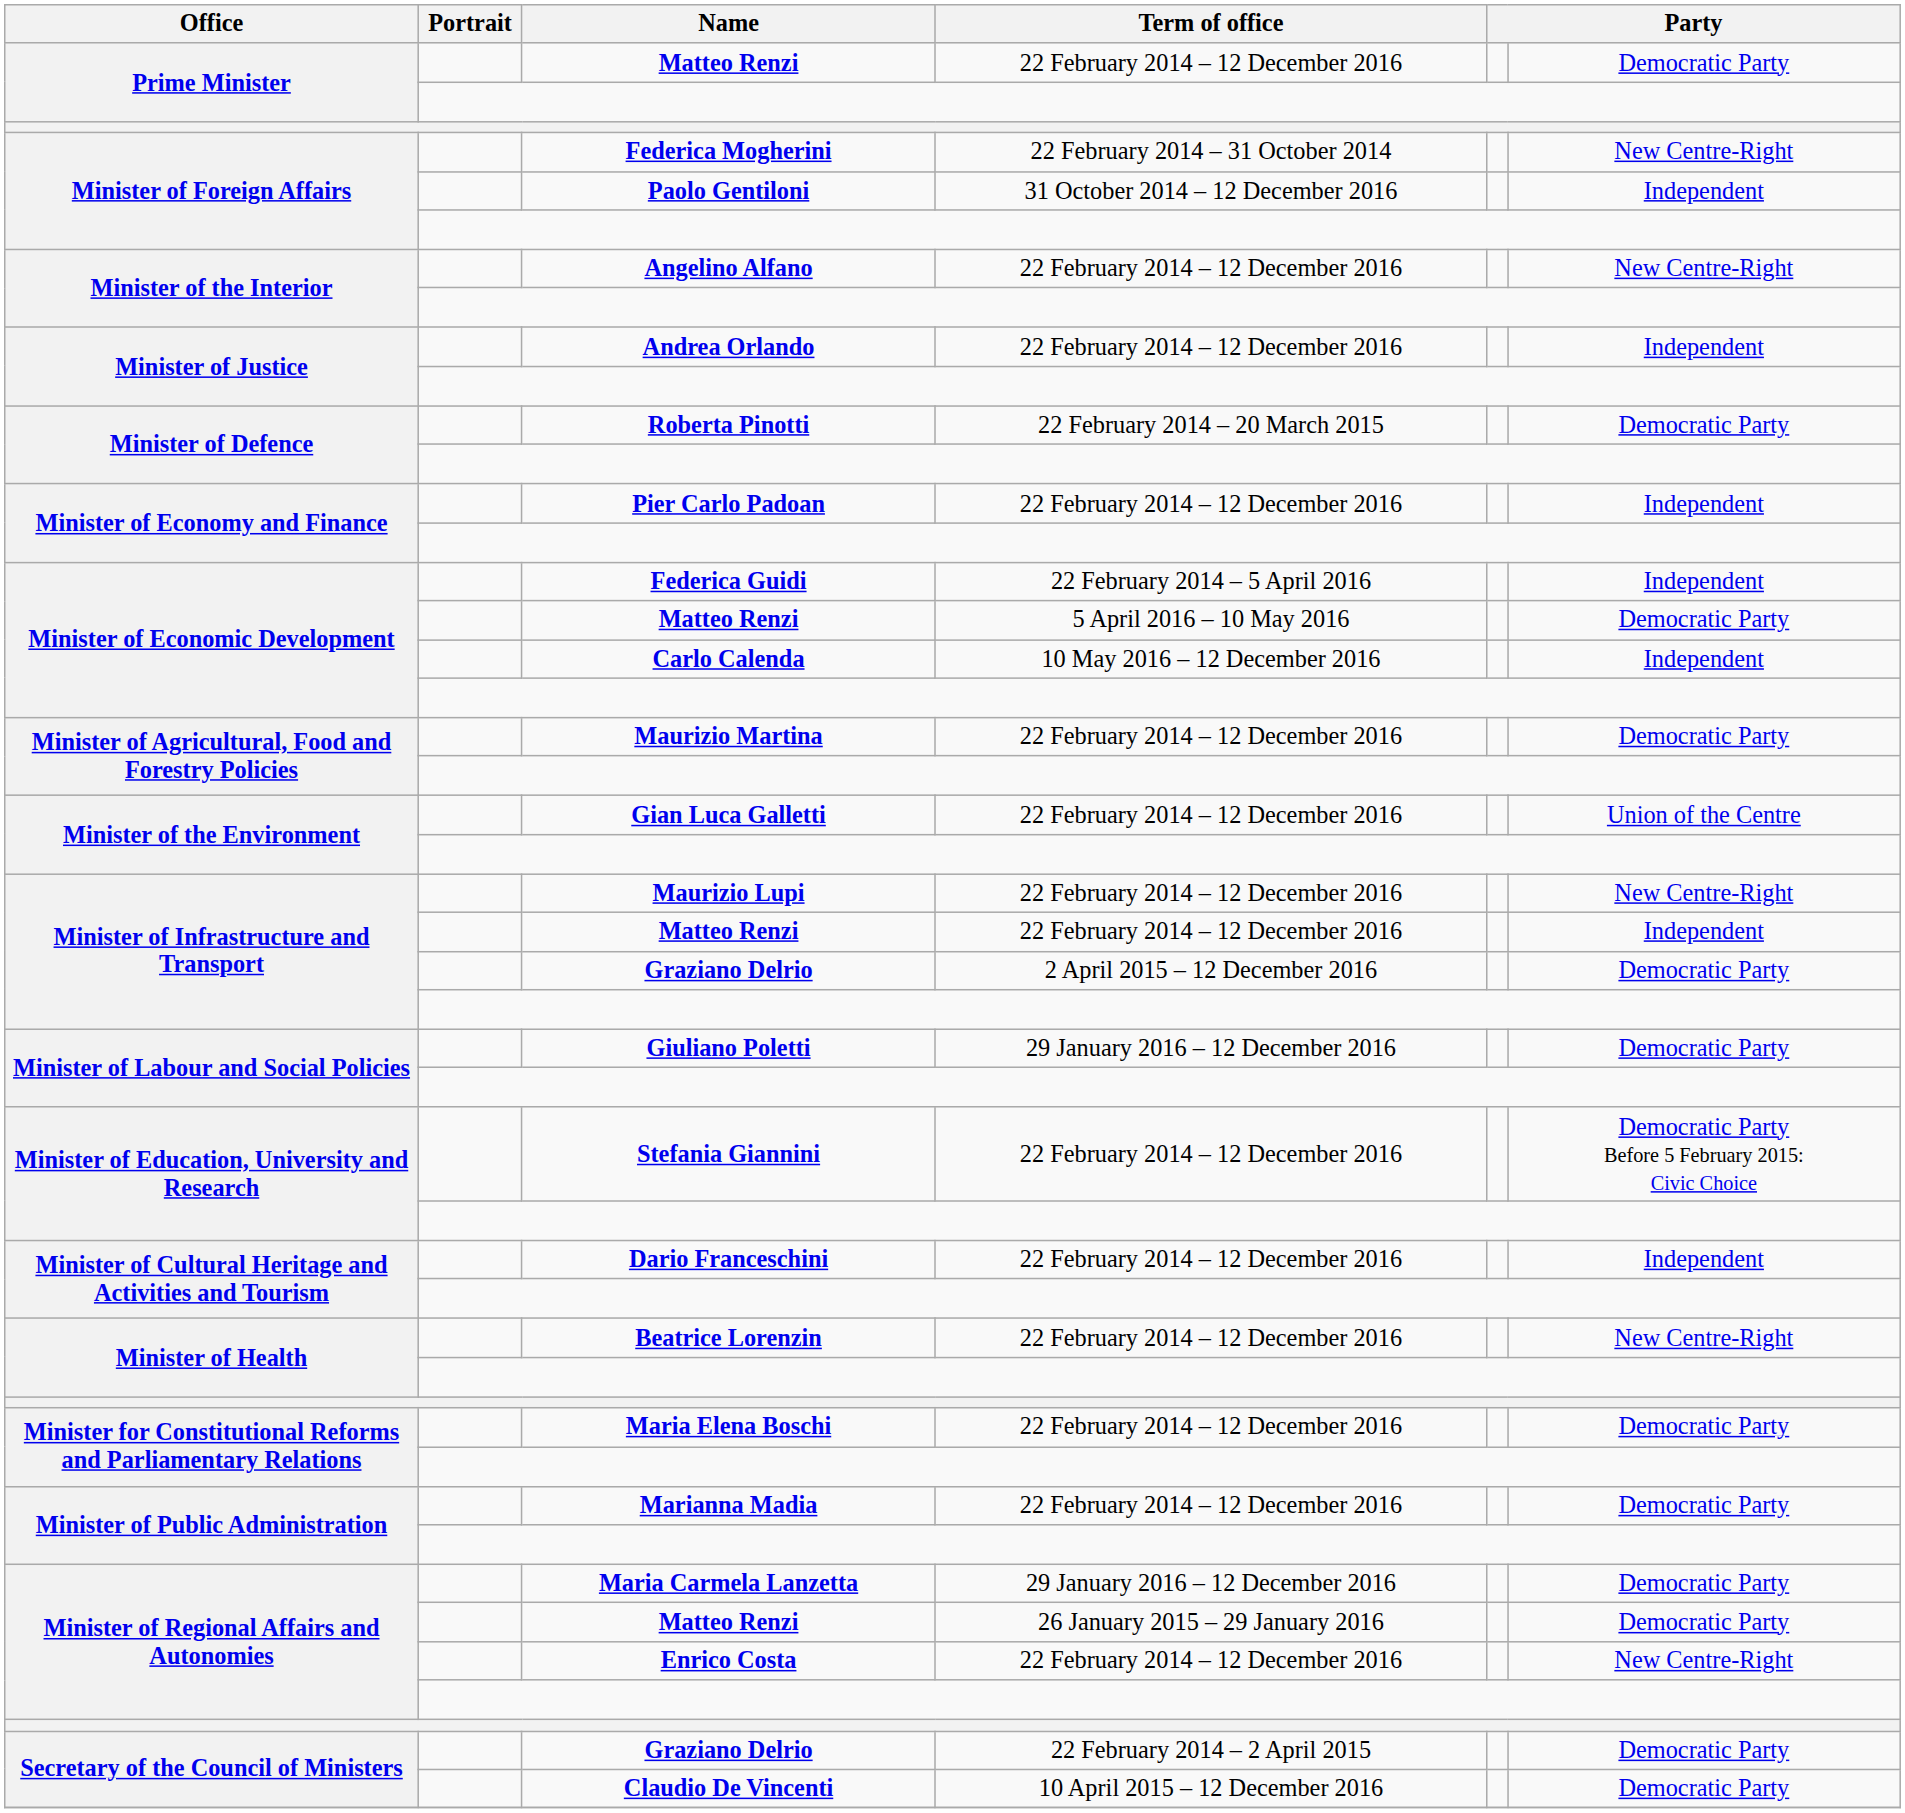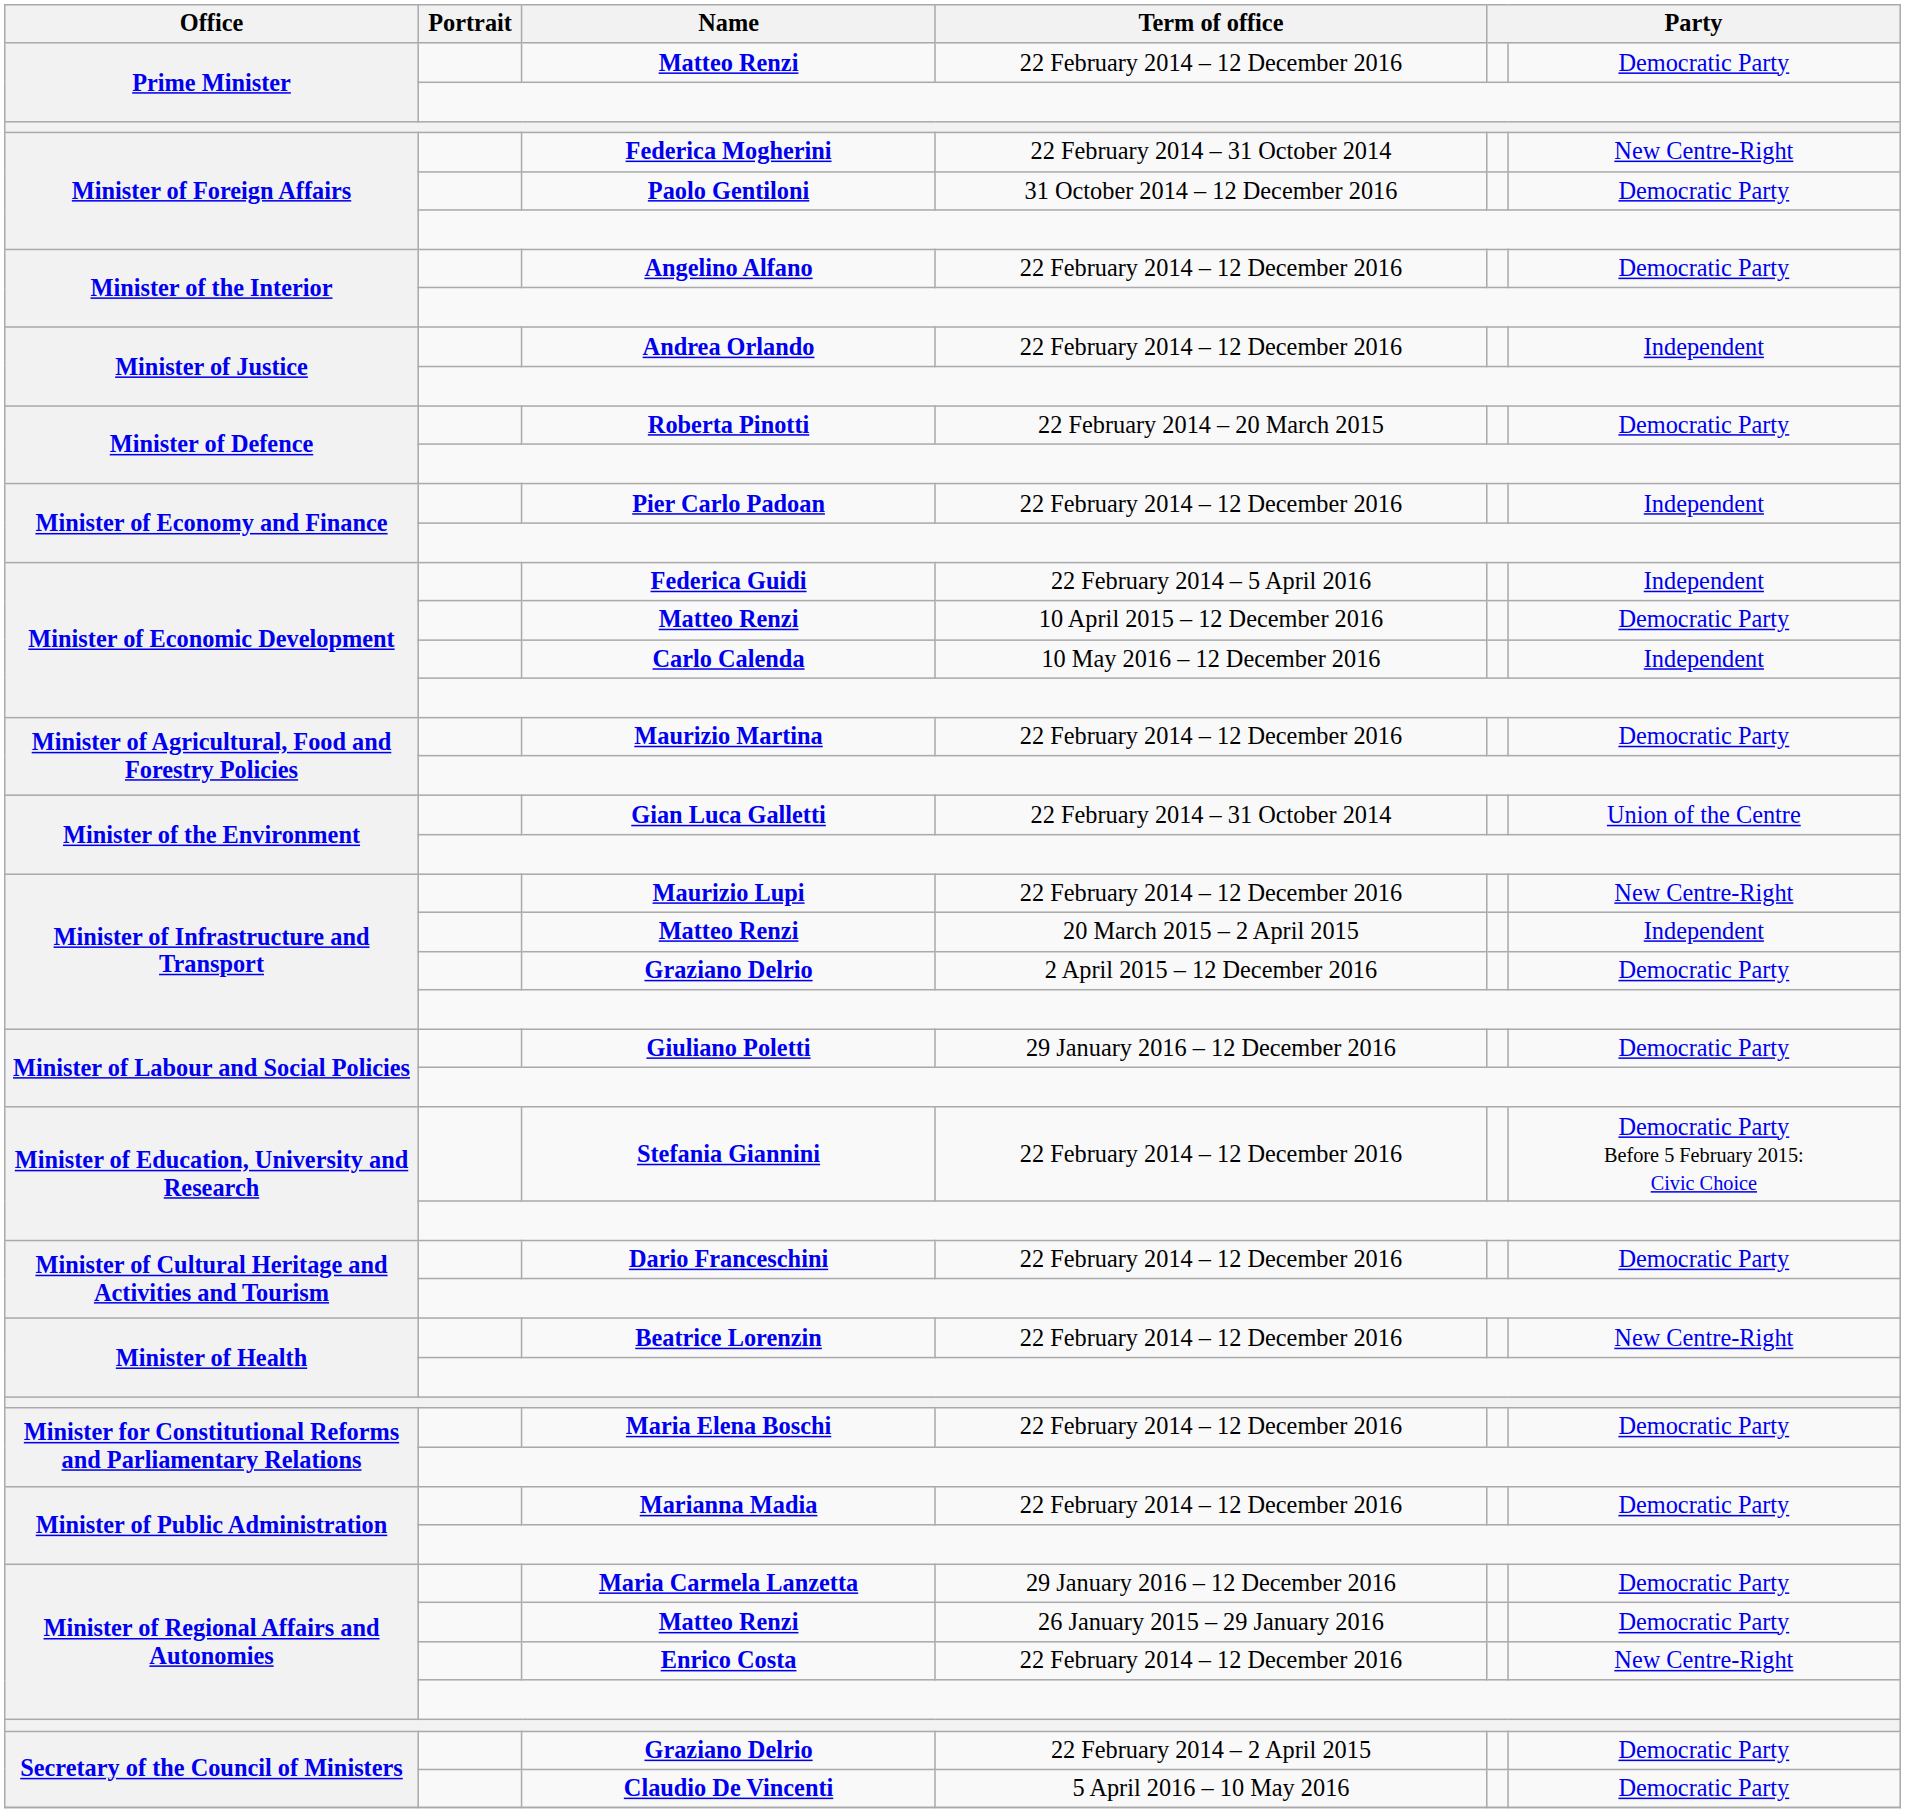 <table class="wikitable" style="text-align:center;"%">
 <tr>
 <th width=15%>Office</th>
 <th width=1%>Portrait</th>
 <th width=15%>Name</th>
 <th width=20%>Term of office</th>
 <th width=15% colspan=2>Party</th>
 </tr>
 <tr>
 <th rowspan=2><a href='#'>Prime Minister</a></th>
 <td></td>
 <td><strong><a href='#'>Matteo Renzi</a></strong></td>
 <td>22 February 2014 – 12 December 2016</td>
 <td></td>
 <td><a href='#'>Democratic Party</a></td>
 </tr>
 <tr>
 <td colspan="5" style="font-size:95%; line-height:19px;"><br></td>
 </tr>
 <tr>
 <th colspan=6></th>
 </tr>
 <tr>
 <th rowspan=3><a href='#'>Minister of Foreign Affairs</a></th>
 <td></td>
 <td><strong><a href='#'>Federica Mogherini</a></strong></td>
 <td>22 February 2014 – 31 October 2014</td>
 <td></td>
 <td><a href='#'>New Centre-Right</a></td>
 </tr>
 <tr>
 <td></td>
 <td><strong><a href='#'>Paolo Gentiloni</a></strong></td>
 <td>31 October 2014 – 12 December 2016</td>
 <td></td>
-<td><a href='#'>Independent</a></td>
+<td><a href='#'>Democratic Party</a></td>
 </tr>
 <tr>
 <td colspan="5" style="font-size:95%; line-height:19px;"><br> </td>
 </tr>
 <tr>
 <th rowspan=2><a href='#'>Minister of the Interior</a></th>
 <td></td>
 <td><strong><a href='#'>Angelino Alfano</a></strong></td>
 <td>22 February 2014 – 12 December 2016</td>
 <td></td>
-<td><a href='#'>New Centre-Right</a></td>
+<td><a href='#'>Democratic Party</a></td>
 </tr>
 <tr>
 <td colspan="5" style="font-size:95%; line-height:19px;"><br> </td>
 </tr>
 <tr>
 <th rowspan=2><a href='#'>Minister of Justice</a></th>
 <td></td>
 <td><strong><a href='#'>Andrea Orlando</a></strong></td>
 <td>22 February 2014 – 12 December 2016</td>
 <td></td>
 <td><a href='#'>Independent</a></td>
 </tr>
 <tr>
 <td colspan="5" style="font-size:95%; line-height:19px;"><br></td>
 </tr>
 <tr>
 <th rowspan=2><a href='#'>Minister of Defence</a></th>
 <td></td>
 <td><strong><a href='#'>Roberta Pinotti</a></strong></td>
 <td>22 February 2014 – 20 March 2015</td>
 <td style="color:inherit;background:"></td>
 <td><a href='#'>Democratic Party</a></td>
 </tr>
 <tr>
 <td colspan="5" style="font-size:95%; line-height:19px;"><br></td>
 </tr>
 <tr>
 <th rowspan=2><a href='#'>Minister of Economy and Finance</a></th>
 <td></td>
 <td><strong><a href='#'>Pier Carlo Padoan</a></strong></td>
 <td>22 February 2014 – 12 December 2016</td>
 <td style="color:inherit;background:"></td>
 <td><a href='#'>Independent</a></td>
 </tr>
 <tr>
 <td colspan="5" style="font-size:95%; line-height:19px;"><br> </td>
 </tr>
 <tr>
 <th rowspan=4><a href='#'>Minister of Economic Development</a></th>
 <td></td>
 <td><strong><a href='#'>Federica Guidi</a></strong></td>
 <td>22 February 2014 – 5 April 2016</td>
 <td style="color:inherit;background:"></td>
 <td><a href='#'>Independent</a></td>
 </tr>
 <tr>
 <td></td>
 <td><strong><a href='#'>Matteo Renzi</a></strong><br></td>
-<td>5 April 2016 – 10 May 2016</td>
+<td>10 April 2015 – 12 December 2016</td>
 <td></td>
 <td><a href='#'>Democratic Party</a></td>
 </tr>
 <tr>
 <td></td>
 <td><strong><a href='#'>Carlo Calenda</a></strong></td>
 <td>10 May 2016 – 12 December 2016</td>
 <td style="color:inherit;background:"></td>
 <td><a href='#'>Independent</a></td>
 </tr>
 <tr>
 <td colspan="5" style="font-size:95%; line-height:19px;"><br> </td>
 </tr>
 <tr>
 <th rowspan=2><a href='#'>Minister of Agricultural, Food and Forestry Policies</a></th>
 <td></td>
 <td><strong><a href='#'>Maurizio Martina</a></strong></td>
 <td>22 February 2014 – 12 December 2016</td>
 <td style="color:inherit;background:"></td>
 <td><a href='#'>Democratic Party</a></td>
 </tr>
 <tr>
 <td colspan="5" style="font-size:95%; line-height:19px;"><br> </td>
 </tr>
 <tr>
 <th rowspan=2><a href='#'>Minister of the Environment</a></th>
 <td></td>
 <td><strong><a href='#'>Gian Luca Galletti</a></strong></td>
-<td>22 February 2014 – 12 December 2016</td>
+<td>22 February 2014 – 31 October 2014</td>
 <td></td>
 <td><a href='#'>Union of the Centre</a></td>
 </tr>
 <tr>
 <td colspan="5" style="font-size:95%; line-height:19px;"><br></td>
 </tr>
 <tr>
 <th rowspan=4><a href='#'>Minister of Infrastructure and Transport</a></th>
 <td></td>
 <td><strong><a href='#'>Maurizio Lupi</a></strong></td>
 <td>22 February 2014 – 12 December 2016</td>
 <td></td>
 <td><a href='#'>New Centre-Right</a></td>
 </tr>
 <tr>
 <td></td>
 <td><strong><a href='#'>Matteo Renzi</a></strong><br></td>
-<td>22 February 2014 – 12 December 2016</td>
+<td>20 March 2015 – 2 April 2015</td>
 <td></td>
 <td><a href='#'>Independent</a></td>
 </tr>
 <tr>
 <td></td>
 <td><strong><a href='#'>Graziano Delrio</a></strong></td>
 <td>2 April 2015 – 12 December 2016</td>
 <td style="color:inherit;background:"></td>
 <td><a href='#'>Democratic Party</a></td>
 </tr>
 <tr>
 <td colspan="5" style="font-size:95%; line-height:19px;"><br> </td>
 </tr>
 <tr>
 <th rowspan=2><a href='#'>Minister of Labour and Social Policies</a></th>
 <td></td>
 <td><strong><a href='#'>Giuliano Poletti</a></strong></td>
 <td>29 January 2016 – 12 December 2016</td>
 <td style="color:inherit;background:"></td>
 <td><a href='#'>Democratic Party</a></td>
 </tr>
 <tr>
 <td colspan="5" style="font-size:95%; line-height:19px;"><br></td>
 </tr>
 <tr>
 <th rowspan=2><a href='#'>Minister of Education, University and Research</a></th>
 <td></td>
 <td><strong><a href='#'>Stefania Giannini</a></strong></td>
 <td>22 February 2014 – 12 December 2016</td>
 <td style="color:inherit;background:"></td>
 <td><a href='#'>Democratic Party</a><br><small>Before 5 February 2015:<br> <a href='#'>Civic Choice</a></small></td>
 </tr>
 <tr>
 <td colspan="5" style="font-size:95%; line-height:19px;"><br></td>
 </tr>
 <tr>
 <th rowspan=2><a href='#'>Minister of Cultural Heritage and Activities and Tourism</a></th>
 <td></td>
 <td><strong><a href='#'>Dario Franceschini</a></strong></td>
 <td>22 February 2014 – 12 December 2016</td>
 <td style="color:inherit;background:"></td>
-<td><a href='#'>Independent</a></td>
+<td><a href='#'>Democratic Party</a></td>
 </tr>
 <tr>
 <td colspan="5" style="font-size:95%; line-height:19px;"><br></td>
 </tr>
 <tr>
 <th rowspan=2><a href='#'>Minister of Health</a></th>
 <td></td>
 <td><strong><a href='#'>Beatrice Lorenzin</a></strong></td>
 <td>22 February 2014 – 12 December 2016</td>
 <td></td>
 <td><a href='#'>New Centre-Right</a></td>
 </tr>
 <tr>
 <td colspan="5" style="font-size:95%; line-height:19px;"><br></td>
 </tr>
 <tr>
 <th colspan=6></th>
 </tr>
 <tr>
 <th rowspan=2><a href='#'>Minister for Constitutional Reforms and Parliamentary Relations</a><br></th>
 <td></td>
 <td><strong><a href='#'>Maria Elena Boschi</a></strong></td>
 <td>22 February 2014 – 12 December 2016</td>
 <td style="color:inherit;background:"></td>
 <td><a href='#'>Democratic Party</a></td>
 </tr>
 <tr>
 <td colspan="5" style="font-size:95%; line-height:19px;"><br></td>
 </tr>
 <tr>
 <th rowspan=2><a href='#'>Minister of Public Administration</a><br></th>
 <td></td>
 <td><strong><a href='#'>Marianna Madia</a></strong></td>
 <td>22 February 2014 – 12 December 2016</td>
 <td style="color:inherit;background:"></td>
 <td><a href='#'>Democratic Party</a></td>
 </tr>
 <tr>
 <td colspan="5" style="font-size:95%; line-height:19px;"><br></td>
 </tr>
 <tr>
 <th rowspan=4><a href='#'>Minister of Regional Affairs and Autonomies</a><br></th>
 <td></td>
 <td><strong><a href='#'>Maria Carmela Lanzetta</a></strong></td>
 <td>29 January 2016 – 12 December 2016</td>
 <td style="color:inherit;background:"></td>
 <td><a href='#'>Democratic Party</a></td>
 </tr>
 <tr>
 <td></td>
 <td><strong><a href='#'>Matteo Renzi</a></strong><br></td>
 <td>26 January 2015 – 29 January 2016</td>
 <td></td>
 <td><a href='#'>Democratic Party</a></td>
 </tr>
 <tr>
 <td></td>
 <td><strong><a href='#'>Enrico Costa</a></strong></td>
 <td>22 February 2014 – 12 December 2016</td>
 <td></td>
 <td><a href='#'>New Centre-Right</a></td>
 </tr>
 <tr>
 <td colspan="5" style="font-size:95%; line-height:19px;"><br></td>
 </tr>
 <tr>
 <th colspan=6></th>
 </tr>
 <tr>
 <th rowspan=2><a href='#'>Secretary of the Council of Ministers</a><br></th>
 <td></td>
 <td><strong><a href='#'>Graziano Delrio</a></strong></td>
 <td>22 February 2014 – 2 April 2015</td>
 <td style="color:inherit;background:"></td>
 <td><a href='#'>Democratic Party</a></td>
 </tr>
 <tr>
 <td></td>
 <td><strong><a href='#'>Claudio De Vincenti</a></strong></td>
-<td>10 April 2015 – 12 December 2016</td>
+<td>5 April 2016 – 10 May 2016</td>
 <td style="color:inherit;background:"></td>
 <td><a href='#'>Democratic Party</a></td>
 </tr>
 <tr>
 </tr>
 </table>
